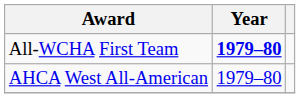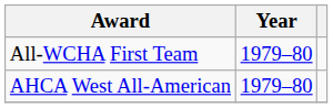 <table class="wikitable">
 <tr>
 <th>Award</th>
 <th>Year</th>
 <th></th>
 </tr>
 <tr>
 <td>All-<a href='#'>WCHA</a> <a href='#'>First Team</a></td>
-<td><strong><a href='#'>1979–80</a></strong></td>
+<td><a href='#'>1979–80</a></td>
 <td></td>
 </tr>
 <tr>
 <td><a href='#'>AHCA</a> <a href='#'>West All-American</a></td>
 <td><a href='#'>1979–80</a></td>
 <td></td>
 </tr>
 <tr>
 </tr>
 </table>
